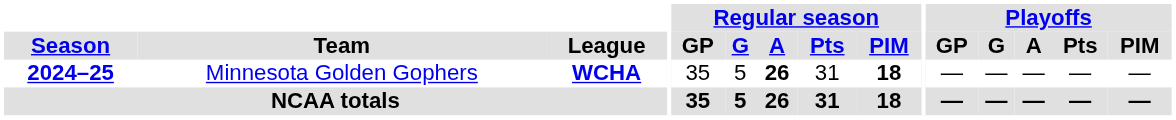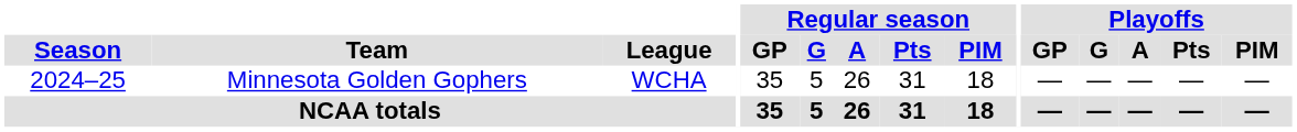 <table border="0" cellpadding="1" cellspacing="0" style="text-align:center; width:95%;">
 <tr bgcolor="#e0e0e0">
 <th colspan="3" bgcolor="#ffffff"></th>
 <th rowspan="101" bgcolor="#ffffff"></th>
 <th colspan="5"><a href='#'>Regular season</a></th>
 <th rowspan="101" bgcolor="#ffffff"></th>
 <th colspan="5"><a href='#'>Playoffs</a></th>
 </tr>
 <tr bgcolor="#e0e0e0">
 <th><a href='#'>Season</a></th>
 <th>Team</th>
 <th>League</th>
 <th>GP</th>
 <th><a href='#'>G</a></th>
 <th><a href='#'>A</a></th>
 <th><a href='#'>Pts</a></th>
 <th><a href='#'>PIM</a></th>
 <th>GP</th>
 <th>G</th>
 <th>A</th>
 <th>Pts</th>
 <th>PIM</th>
 </tr>
 <tr>
-<td><strong><a href='#'>2024–25</a></strong></td>
+<td><a href='#'>2024–25</a></td>
 <td><a href='#'>Minnesota Golden Gophers</a></td>
-<td><strong><a href='#'>WCHA</a></strong></td>
+<td><a href='#'>WCHA</a></td>
 <td>35</td>
 <td>5</td>
-<td><strong>26</strong></td>
+<td>26</td>
 <td>31</td>
-<td><strong>18</strong></td>
+<td>18</td>
 <td>—</td>
 <td>—</td>
 <td>—</td>
 <td>—</td>
 <td>—</td>
 </tr>
 <tr bgcolor="#e0e0e0">
 <th colspan="3">NCAA totals</th>
 <th>35</th>
 <th>5</th>
 <th>26</th>
 <th>31</th>
 <th>18</th>
 <th>—</th>
 <th>—</th>
 <th>—</th>
 <th>—</th>
 <th>—</th>
 </tr>
 </table>
